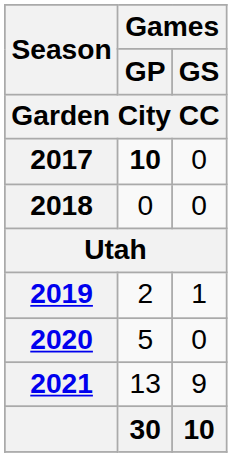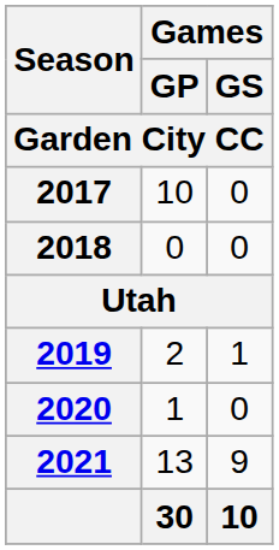 <table class="wikitable" style="text-align: center;">
 <tr>
 <th rowspan="2">Season</th>
 <th colspan="2">Games</th>
 </tr>
 <tr>
 <th>GP</th>
 <th>GS</th>
 </tr>
 <tr>
 <th colspan="3">Garden City CC</th>
 </tr>
 <tr>
 <th>2017</th>
-<td><strong>10</strong></td>
+<td>10</td>
 <td>0</td>
 </tr>
 <tr>
 <th>2018</th>
 <td>0</td>
 <td>0</td>
 </tr>
 <tr>
 <th colspan="3">Utah</th>
 </tr>
 <tr>
 <th><a href='#'>2019</a></th>
 <td>2</td>
 <td>1</td>
 </tr>
 <tr>
 <th><a href='#'>2020</a></th>
-<td>5</td>
+<td>1</td>
 <td>0</td>
 </tr>
 <tr>
 <th><a href='#'>2021</a></th>
 <td>13</td>
 <td>9</td>
 </tr>
 <tr>
 <th></th>
 <th>30</th>
 <th>10</th>
 </tr>
 </table>
